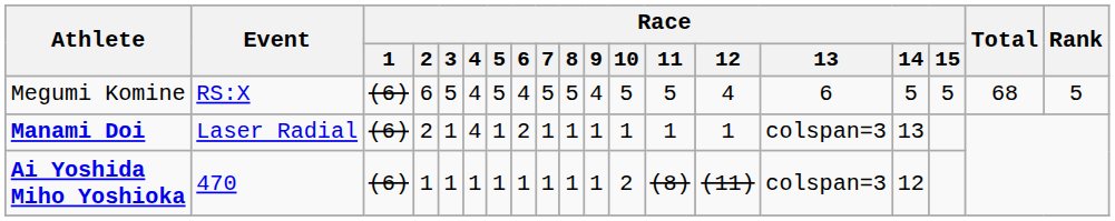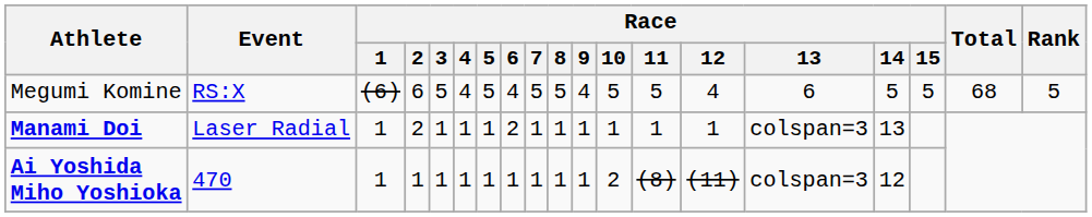 <table class=wikitable style=font-size:90%;text-align:center>
 <tr>
 <th rowspan="2">Athlete</th>
 <th rowspan="2">Event</th>
 <th colspan=15>Race</th>
 <th rowspan=2>Total</th>
 <th rowspan=2>Rank</th>
 </tr>
 <tr style="font-size:95%">
 <th>1</th>
 <th>2</th>
 <th>3</th>
 <th>4</th>
 <th>5</th>
 <th>6</th>
 <th>7</th>
 <th>8</th>
 <th>9</th>
 <th>10</th>
 <th>11</th>
 <th>12</th>
 <th>13</th>
 <th>14</th>
 <th>15</th>
 </tr>
 <tr>
 <td style="text-align:left">Megumi Komine</td>
 <td style="text-align:left"><a href='#'>RS:X</a></td>
 <td><s>(6)</s></td>
 <td>6</td>
 <td>5</td>
 <td>4</td>
 <td>5</td>
 <td>4</td>
 <td>5</td>
 <td>5</td>
 <td>4</td>
 <td>5</td>
 <td>5</td>
 <td>4</td>
 <td>6</td>
 <td>5</td>
 <td>5</td>
 <td>68</td>
 <td>5</td>
 </tr>
 <tr>
 <td style="text-align:left"><strong><a href='#'>Manami Doi</a></strong></td>
 <td style="text-align:left"><a href='#'>Laser Radial</a></td>
-<td><s>(6)</s></td>
+<td>1</td>
 <td>2</td>
 <td>1</td>
-<td>4</td>
+<td>1</td>
 <td>1</td>
 <td>2</td>
 <td>1</td>
 <td>1</td>
 <td>1</td>
 <td>1</td>
 <td>1</td>
 <td>1</td>
 <td>colspan=3 </td>
 <td>13</td>
 <td></td>
 </tr>
 <tr>
 <td style="text-align:left"><strong><a href='#'>Ai Yoshida</a><br><a href='#'>Miho Yoshioka</a></strong></td>
 <td style="text-align:left"><a href='#'>470</a></td>
-<td><s>(6)</s></td>
+<td>1</td>
 <td>1</td>
 <td>1</td>
 <td>1</td>
 <td>1</td>
 <td>1</td>
 <td>1</td>
 <td>1</td>
 <td>1</td>
 <td>2</td>
 <td><s>(8)</s><br></td>
 <td><s>(11)</s><br></td>
 <td>colspan=3 </td>
 <td>12</td>
 <td></td>
 </tr>
 </table>
